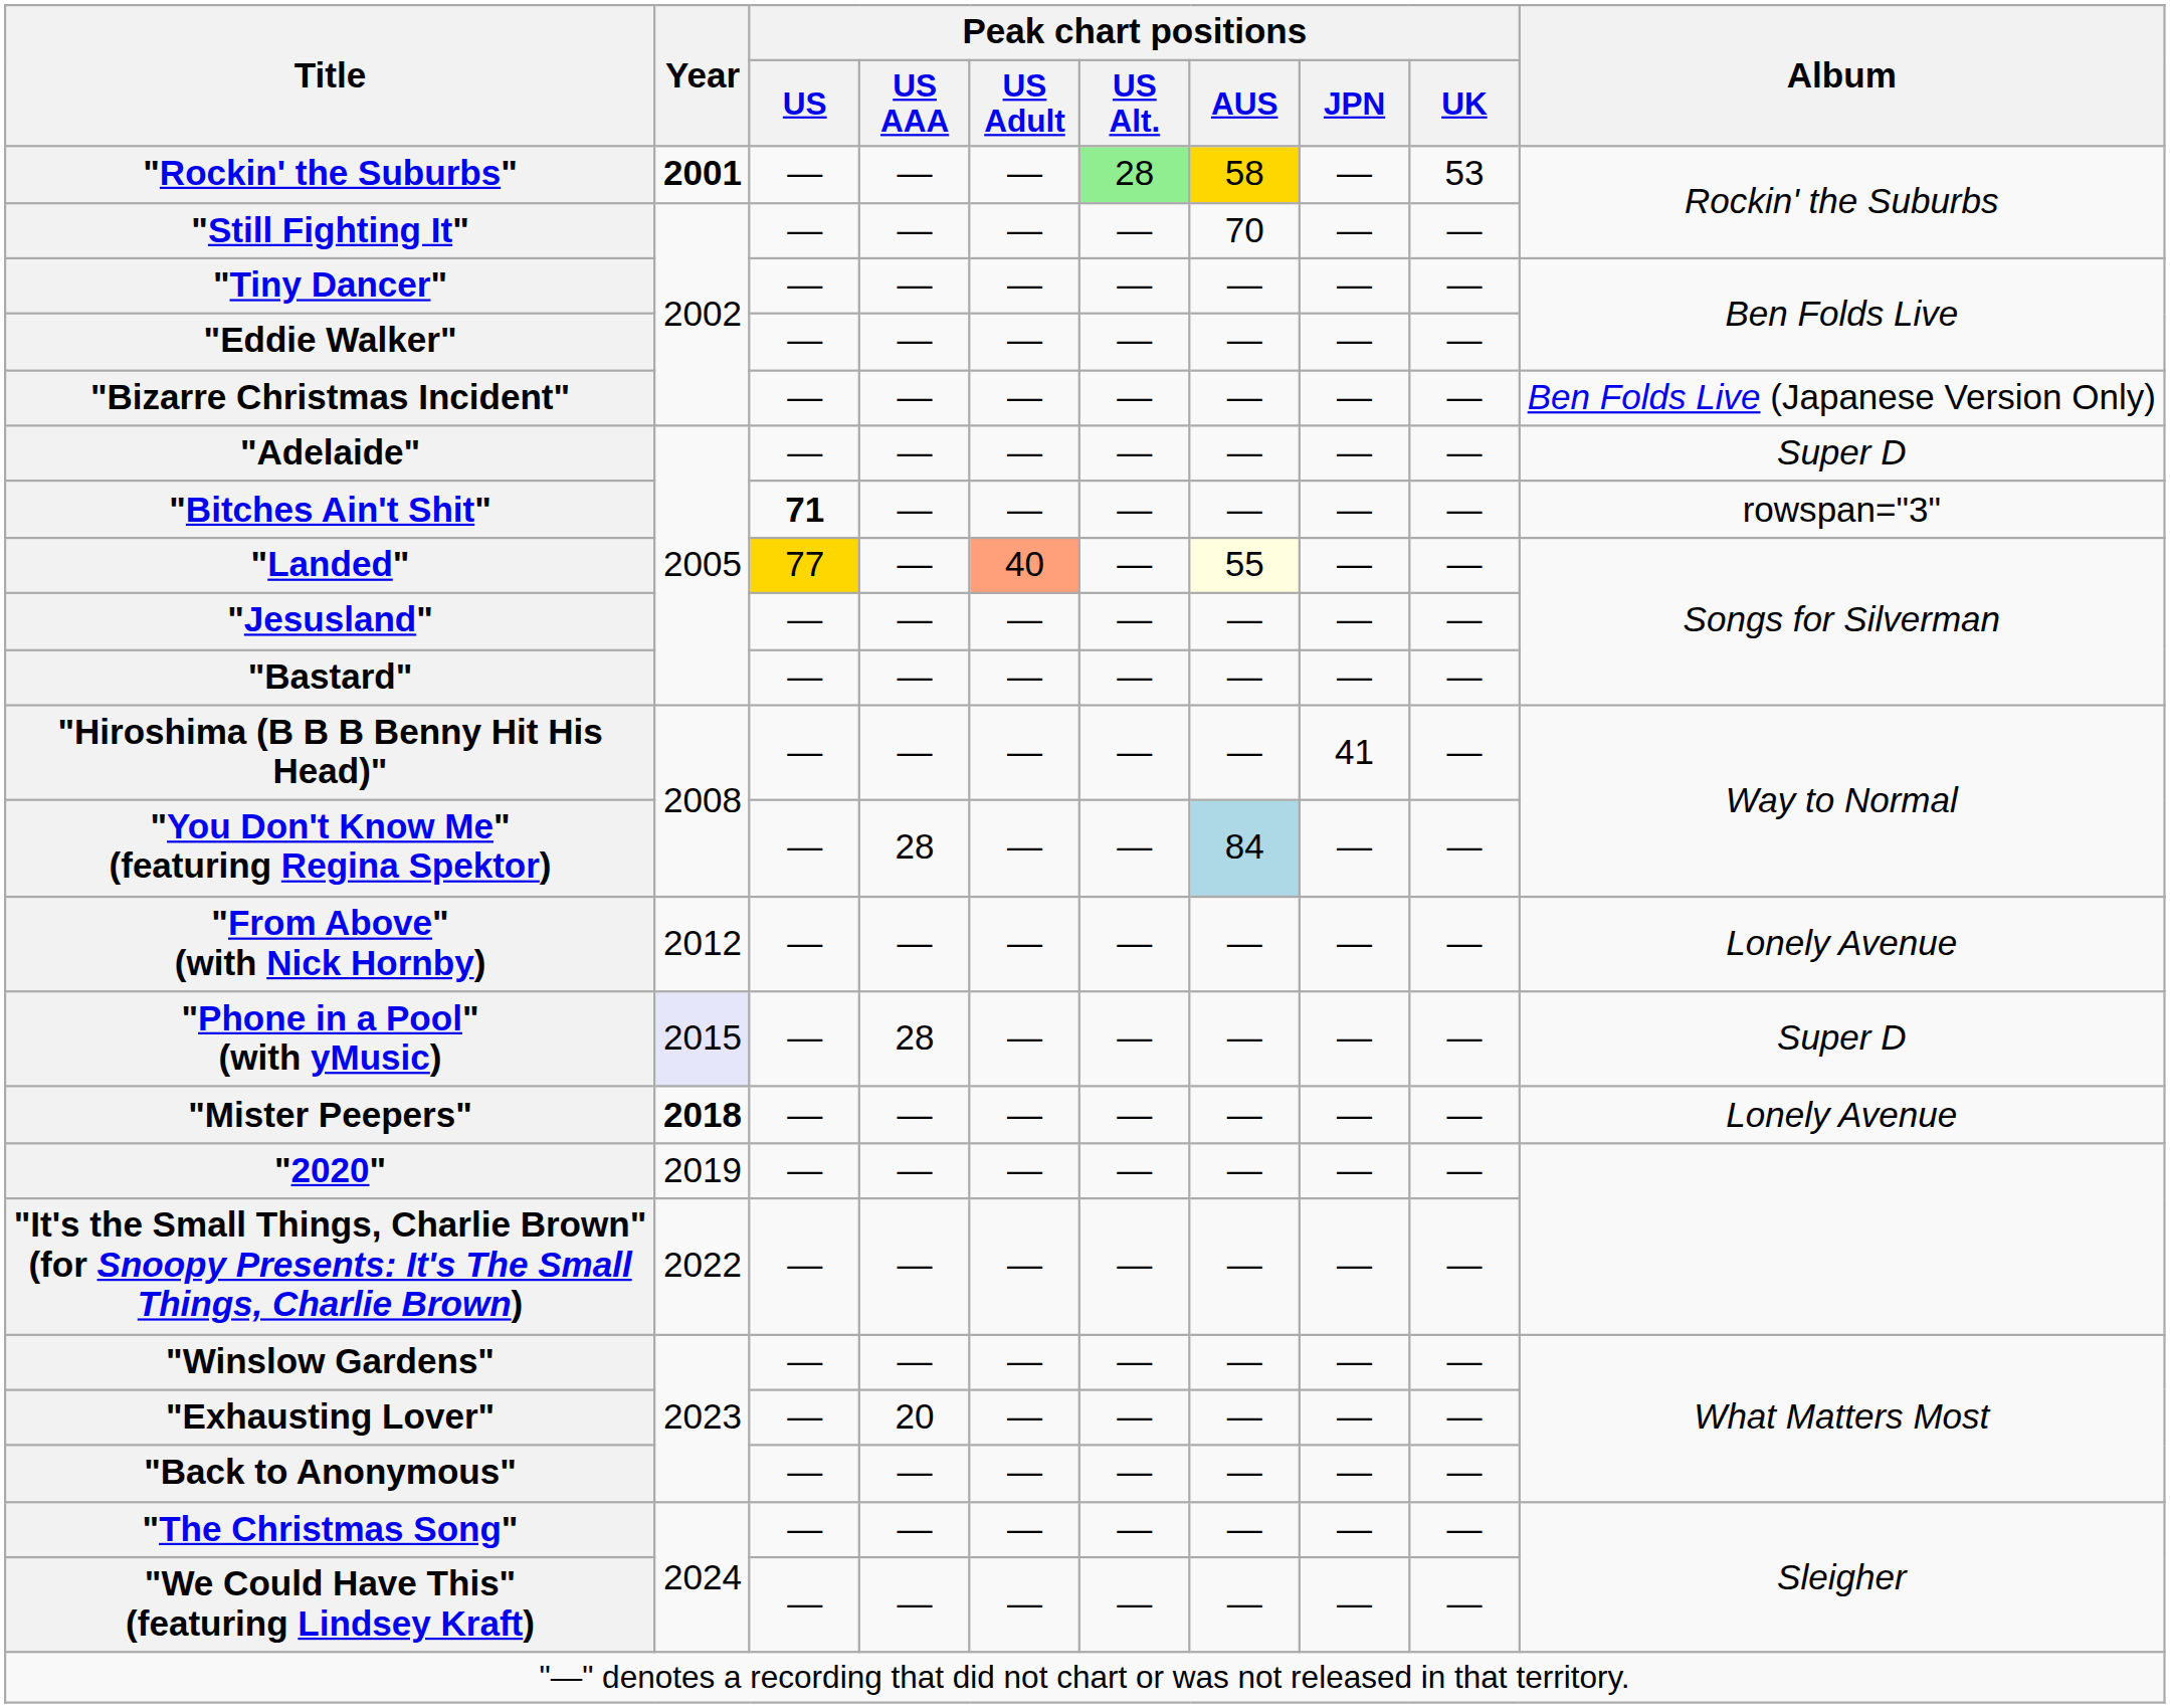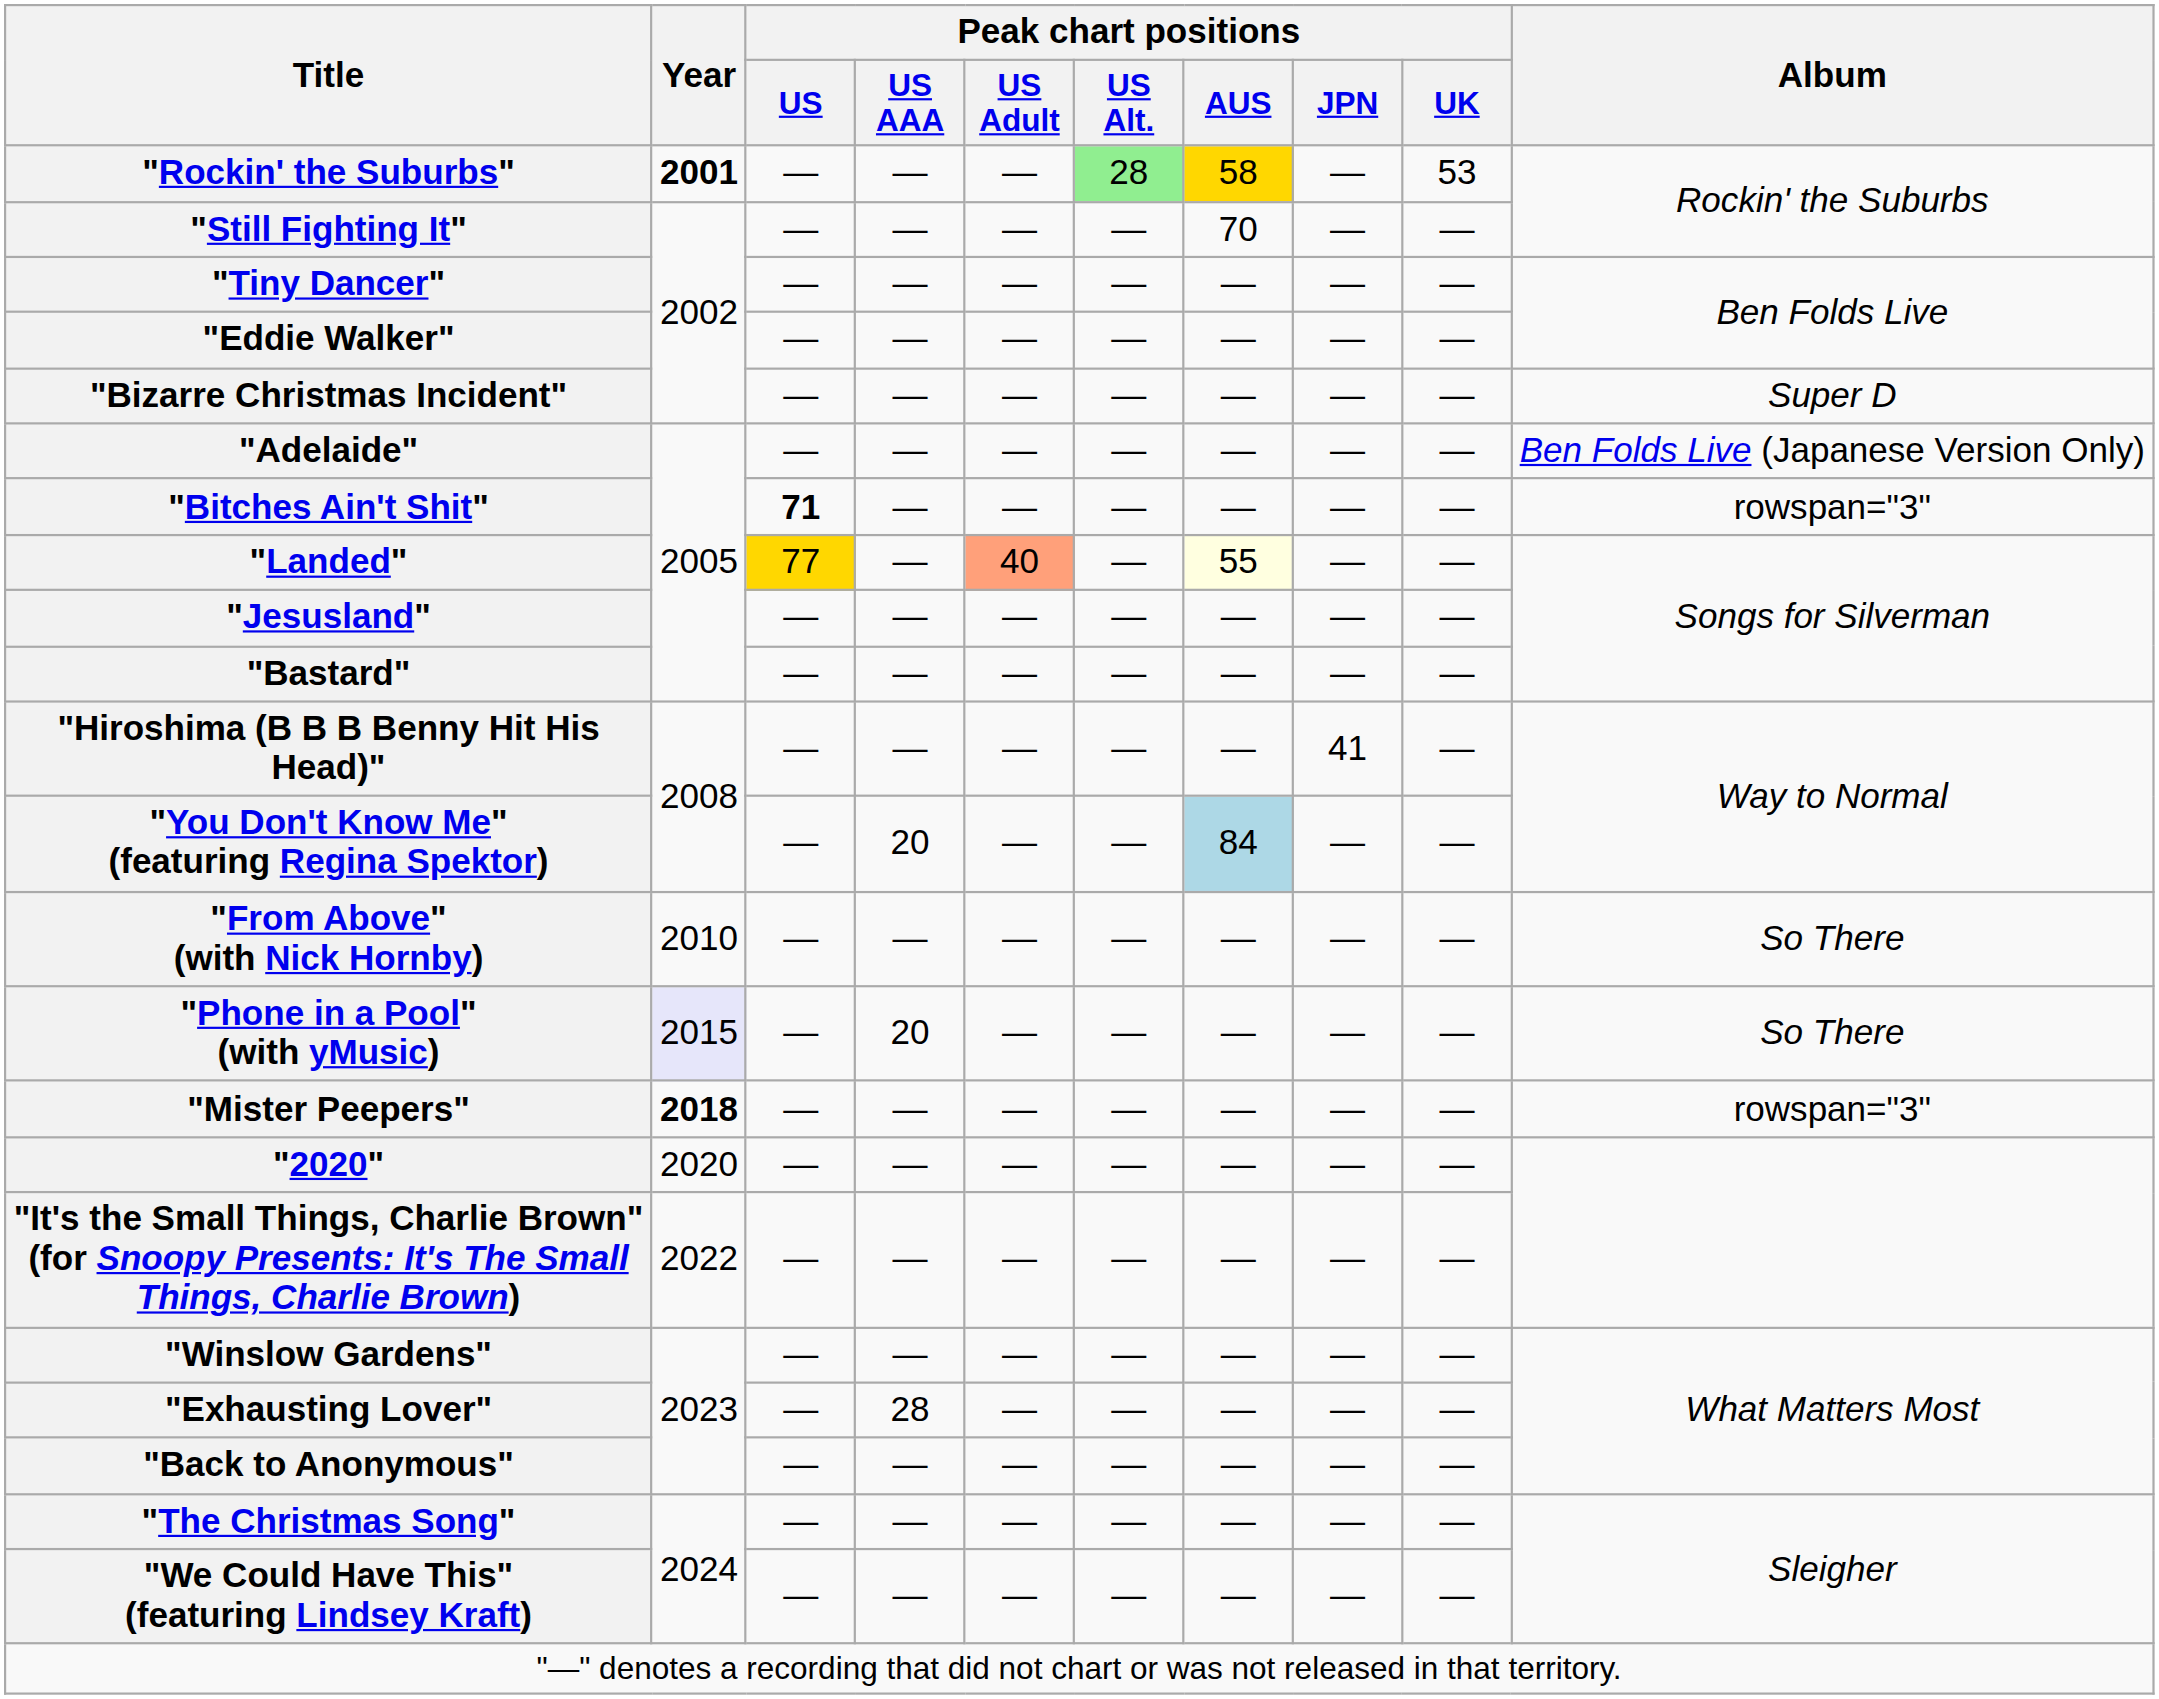 <table class="wikitable plainrowheaders" style="text-align:center;" border="1">
 <tr>
 <th scope="col" rowspan="2" style="width:18em;">Title</th>
 <th scope="col" rowspan="2">Year</th>
 <th scope="col" colspan="7">Peak chart positions</th>
 <th scope="col" rowspan="2">Album</th>
 </tr>
 <tr>
 <th scope="col" style="width:3em;font-size:90%;"><a href='#'>US</a><br></th>
 <th scope="col" style="width:3em;font-size:90%;"><a href='#'>US<br>AAA</a><br></th>
 <th scope="col" style="width:3em;font-size:90%;"><a href='#'>US<br>Adult</a><br></th>
 <th scope="col" style="width:3em;font-size:90%;"><a href='#'>US<br>Alt.</a><br></th>
 <th scope="col" style="width:3em;font-size:90%;"><a href='#'>AUS</a><br></th>
 <th scope="col" style="width:3em;font-size:90%;"><a href='#'>JPN</a><br></th>
 <th scope="col" style="width:3em;font-size:90%;"><a href='#'>UK</a><br></th>
 </tr>
 <tr>
 <th scope="row">"<a href='#'>Rockin' the Suburbs</a>"</th>
 <td><strong>2001</strong></td>
 <td>—</td>
 <td>—</td>
 <td>—</td>
 <td style="background: lightgreen;">28</td>
 <td style="background: gold;">58</td>
 <td>—</td>
 <td>53</td>
 <td rowspan="2"><em>Rockin' the Suburbs</em></td>
 </tr>
 <tr>
 <th scope="row">"<a href='#'>Still Fighting It</a>"</th>
 <td rowspan="4">2002</td>
 <td>—</td>
 <td>—</td>
 <td>—</td>
 <td>—</td>
 <td>70</td>
 <td>—</td>
 <td>—</td>
 </tr>
 <tr>
 <th scope="row">"<a href='#'>Tiny Dancer</a>"</th>
 <td>—</td>
 <td>—</td>
 <td>—</td>
 <td>—</td>
 <td>—</td>
 <td>—</td>
 <td>—</td>
 <td rowspan="2"><em>Ben Folds Live</em></td>
 </tr>
 <tr>
 <th scope="row">"Eddie Walker"</th>
 <td>—</td>
 <td>—</td>
 <td>—</td>
 <td>—</td>
 <td>—</td>
 <td>—</td>
 <td>—</td>
 </tr>
 <tr>
 <th scope="row">"Bizarre Christmas Incident"</th>
 <td>—</td>
 <td>—</td>
 <td>—</td>
 <td>—</td>
 <td>—</td>
 <td>—</td>
 <td>—</td>
-<td><em><a href='#'>Ben Folds Live</a></em> (Japanese Version Only)</td>
+<td><em>Super D</em></td>
 </tr>
 <tr>
 <th scope="row">"Adelaide"</th>
 <td rowspan="5">2005</td>
 <td>—</td>
 <td>—</td>
 <td>—</td>
 <td>—</td>
 <td>—</td>
 <td>—</td>
 <td>—</td>
-<td><em>Super D</em></td>
+<td><em><a href='#'>Ben Folds Live</a></em> (Japanese Version Only)</td>
 </tr>
 <tr>
 <th scope="row">"<a href='#'>Bitches Ain't Shit</a>"</th>
 <td><strong>71</strong></td>
 <td>—</td>
 <td>—</td>
 <td>—</td>
 <td>—</td>
 <td>—</td>
 <td>—</td>
 <td>rowspan="3" </td>
 </tr>
 <tr>
 <th scope="row">"<a href='#'>Landed</a>"</th>
 <td style="background: gold;">77</td>
 <td>—</td>
 <td style="background: lightsalmon;">40</td>
 <td>—</td>
 <td style="background: lightyellow;">55</td>
 <td>—</td>
 <td>—</td>
 <td rowspan="3"><em>Songs for Silverman</em></td>
 </tr>
 <tr>
 <th scope="row">"<a href='#'>Jesusland</a>"</th>
 <td>—</td>
 <td>—</td>
 <td>—</td>
 <td>—</td>
 <td>—</td>
 <td>—</td>
 <td>—</td>
 </tr>
 <tr>
 <th scope="row">"Bastard"</th>
 <td>—</td>
 <td>—</td>
 <td>—</td>
 <td>—</td>
 <td>—</td>
 <td>—</td>
 <td>—</td>
 </tr>
 <tr>
 <th scope="row">"Hiroshima (B B B Benny Hit His Head)"</th>
 <td rowspan="2">2008</td>
 <td>—</td>
 <td>—</td>
 <td>—</td>
 <td>—</td>
 <td>—</td>
 <td>41</td>
 <td>—</td>
 <td rowspan="2"><em>Way to Normal</em></td>
 </tr>
 <tr>
 <th scope="row">"<a href='#'>You Don't Know Me</a>"<br><span>(featuring <a href='#'>Regina Spektor</a>)</span></th>
 <td>—</td>
-<td>28</td>
+<td>20</td>
 <td>—</td>
 <td>—</td>
 <td style="background: lightblue;">84</td>
 <td>—</td>
 <td>—</td>
 </tr>
 <tr>
 <th scope="row">"<a href='#'>From Above</a>"<br><span>(with <a href='#'>Nick Hornby</a>)</span></th>
-<td>2012</td>
+<td>2010</td>
 <td>—</td>
 <td>—</td>
 <td>—</td>
 <td>—</td>
 <td>—</td>
 <td>—</td>
 <td>—</td>
-<td><em>Lonely Avenue</em></td>
+<td><em>So There</em></td>
 </tr>
 <tr>
 <th scope="row">"<a href='#'>Phone in a Pool</a>"<br><span>(with <a href='#'>yMusic</a>)</span></th>
 <td style="background: lavender;">2015</td>
 <td>—</td>
-<td>28</td>
+<td>20</td>
 <td>—</td>
 <td>—</td>
 <td>—</td>
 <td>—</td>
 <td>—</td>
-<td><em>Super D</em></td>
+<td><em>So There</em></td>
 </tr>
 <tr>
 <th scope="row">"Mister Peepers"</th>
 <td><strong>2018</strong></td>
 <td>—</td>
 <td>—</td>
 <td>—</td>
 <td>—</td>
 <td>—</td>
 <td>—</td>
 <td>—</td>
-<td><em>Lonely Avenue</em></td>
+<td>rowspan="3" </td>
 </tr>
 <tr>
 <th scope="row">"<a href='#'>2020</a>"</th>
-<td>2019</td>
+<td>2020</td>
 <td>—</td>
 <td>—</td>
 <td>—</td>
 <td>—</td>
 <td>—</td>
 <td>—</td>
 <td>—</td>
 </tr>
 <tr>
 <th scope="row">"It's the Small Things, Charlie Brown"<br><span>(for <em><a href='#'>Snoopy Presents: It's The Small Things, Charlie Brown</a></em>)</span></th>
 <td>2022</td>
 <td>—</td>
 <td>—</td>
 <td>—</td>
 <td>—</td>
 <td>—</td>
 <td>—</td>
 <td>—</td>
 </tr>
 <tr>
 <th scope="row">"Winslow Gardens"</th>
 <td rowspan="3">2023</td>
 <td>—</td>
 <td>—</td>
 <td>—</td>
 <td>—</td>
 <td>—</td>
 <td>—</td>
 <td>—</td>
 <td rowspan="3"><em>What Matters Most</em></td>
 </tr>
 <tr>
 <th scope="row">"Exhausting Lover"</th>
 <td>—</td>
-<td>20</td>
+<td>28</td>
 <td>—</td>
 <td>—</td>
 <td>—</td>
 <td>—</td>
 <td>—</td>
 </tr>
 <tr>
 <th scope="row">"Back to Anonymous"</th>
 <td>—</td>
 <td>—</td>
 <td>—</td>
 <td>—</td>
 <td>—</td>
 <td>—</td>
 <td>—</td>
 </tr>
 <tr>
 <th scope="row">"<a href='#'>The Christmas Song</a>"</th>
 <td rowspan="2">2024</td>
 <td>—</td>
 <td>—</td>
 <td>—</td>
 <td>—</td>
 <td>—</td>
 <td>—</td>
 <td>—</td>
 <td rowspan="2"><em>Sleigher</em></td>
 </tr>
 <tr>
 <th scope="row">"We Could Have This"<br><span>(featuring <a href='#'>Lindsey Kraft</a>)</span></th>
 <td>—</td>
 <td>—</td>
 <td>—</td>
 <td>—</td>
 <td>—</td>
 <td>—</td>
 <td>—</td>
 </tr>
 <tr>
 <td colspan="10" style="font-size:90%">"—" denotes a recording that did not chart or was not released in that territory.</td>
 </tr>
 </table>
